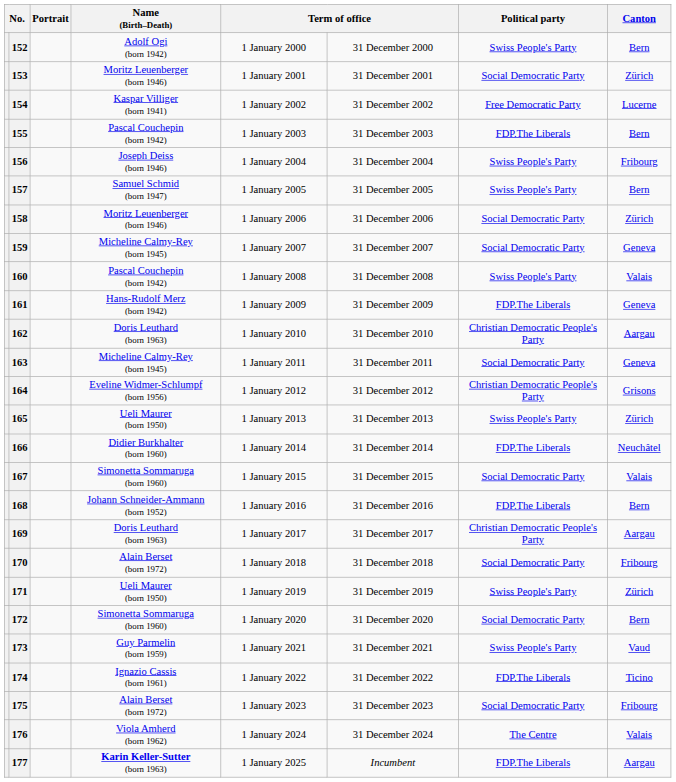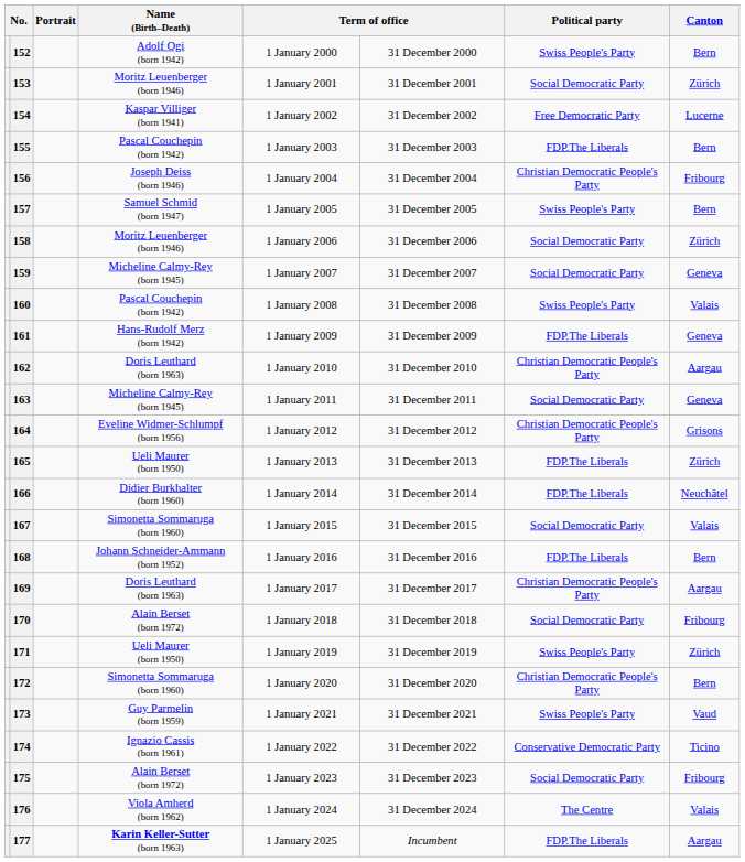 <table class="wikitable" style="width:80%; text-align:center;">
 <tr>
 <th colspan="2" width=20>No.</th>
 <th width=70>Portrait</th>
 <th width=25%>Name<br><small>(Birth–Death)</small></th>
 <th colspan="2" width=40%>Term of office</th>
 <th width=25%>Political party</th>
 <th width=15%><a href='#'>Canton</a></th>
 </tr>
 <tr>
 <th style="background:"></th>
 <th>152</th>
 <td></td>
 <td><a href='#'>Adolf Ogi</a><br><small>(born 1942)</small></td>
 <td>1 January 2000</td>
 <td>31 December 2000</td>
 <td><a href='#'>Swiss People's Party</a></td>
 <td><a href='#'>Bern</a></td>
 </tr>
 <tr>
 <th style="background:"></th>
 <th>153</th>
 <td></td>
 <td><a href='#'>Moritz Leuenberger</a><br><small>(born 1946)</small></td>
 <td>1 January 2001</td>
 <td>31 December 2001</td>
 <td><a href='#'>Social Democratic Party</a></td>
 <td><a href='#'>Zürich</a></td>
 </tr>
 <tr>
 <th style="background:"></th>
 <th>154</th>
 <td></td>
 <td><a href='#'>Kaspar Villiger</a><br><small>(born 1941)</small></td>
 <td>1 January 2002</td>
 <td>31 December 2002</td>
 <td><a href='#'>Free Democratic Party</a></td>
 <td><a href='#'>Lucerne</a></td>
 </tr>
 <tr>
 <th style="background:"></th>
 <th>155</th>
 <td></td>
 <td><a href='#'>Pascal Couchepin</a><br><small>(born 1942)</small></td>
 <td>1 January 2003</td>
 <td>31 December 2003</td>
 <td><a href='#'>FDP.The Liberals</a></td>
 <td><a href='#'>Bern</a></td>
 </tr>
 <tr>
 <th style="background:"></th>
 <th>156</th>
 <td></td>
 <td><a href='#'>Joseph Deiss</a><br><small>(born 1946)</small></td>
 <td>1 January 2004</td>
 <td>31 December 2004</td>
-<td><a href='#'>Swiss People's Party</a></td>
+<td><a href='#'>Christian Democratic People's Party</a></td>
 <td><a href='#'>Fribourg</a></td>
 </tr>
 <tr>
 <th style="background:"></th>
 <th>157</th>
 <td></td>
 <td><a href='#'>Samuel Schmid</a><br><small>(born 1947)</small></td>
 <td>1 January 2005</td>
 <td>31 December 2005</td>
 <td><a href='#'>Swiss People's Party</a></td>
 <td><a href='#'>Bern</a></td>
 </tr>
 <tr>
 <th style="background:"></th>
 <th>158</th>
 <td></td>
 <td><a href='#'>Moritz Leuenberger</a><br><small>(born 1946)</small></td>
 <td>1 January 2006</td>
 <td>31 December 2006</td>
 <td><a href='#'>Social Democratic Party</a></td>
 <td><a href='#'>Zürich</a></td>
 </tr>
 <tr>
 <th style="background:"></th>
 <th>159</th>
 <td></td>
 <td><a href='#'>Micheline Calmy-Rey</a><br><small>(born 1945)</small></td>
 <td>1 January 2007</td>
 <td>31 December 2007</td>
 <td><a href='#'>Social Democratic Party</a></td>
 <td><a href='#'>Geneva</a></td>
 </tr>
 <tr>
 <th style="background:"></th>
 <th>160</th>
 <td></td>
 <td><a href='#'>Pascal Couchepin</a><br><small>(born 1942)</small></td>
 <td>1 January 2008</td>
 <td>31 December 2008</td>
 <td><a href='#'>Swiss People's Party</a></td>
 <td><a href='#'>Valais</a></td>
 </tr>
 <tr>
 <th style="background:"></th>
 <th>161</th>
 <td></td>
 <td><a href='#'>Hans-Rudolf Merz</a><br><small>(born 1942)</small></td>
 <td>1 January 2009</td>
 <td>31 December 2009</td>
 <td><a href='#'>FDP.The Liberals</a></td>
 <td><a href='#'>Geneva</a></td>
 </tr>
 <tr>
 <th style="background:"></th>
 <th>162</th>
 <td></td>
 <td><a href='#'>Doris Leuthard</a><br><small>(born 1963)</small></td>
 <td>1 January 2010</td>
 <td>31 December 2010</td>
 <td><a href='#'>Christian Democratic People's Party</a></td>
 <td><a href='#'>Aargau</a></td>
 </tr>
 <tr>
 <th style="background:"></th>
 <th>163</th>
 <td></td>
 <td><a href='#'>Micheline Calmy-Rey</a><br><small>(born 1945)</small></td>
 <td>1 January 2011</td>
 <td>31 December 2011</td>
 <td><a href='#'>Social Democratic Party</a></td>
 <td><a href='#'>Geneva</a></td>
 </tr>
 <tr>
 <th style="background:"></th>
 <th>164</th>
 <td></td>
 <td><a href='#'>Eveline Widmer-Schlumpf</a><br><small>(born 1956)</small></td>
 <td>1 January 2012</td>
 <td>31 December 2012</td>
 <td><a href='#'>Christian Democratic People's Party</a></td>
 <td><a href='#'>Grisons</a></td>
 </tr>
 <tr>
 <th style="background:"></th>
 <th>165</th>
 <td></td>
 <td><a href='#'>Ueli Maurer</a><br><small>(born 1950)</small></td>
 <td>1 January 2013</td>
 <td>31 December 2013</td>
-<td><a href='#'>Swiss People's Party</a></td>
+<td><a href='#'>FDP.The Liberals</a></td>
 <td><a href='#'>Zürich</a></td>
 </tr>
 <tr>
 <th style="background:"></th>
 <th>166</th>
 <td></td>
 <td><a href='#'>Didier Burkhalter</a><br><small>(born 1960)</small></td>
 <td>1 January 2014</td>
 <td>31 December 2014</td>
 <td><a href='#'>FDP.The Liberals</a></td>
 <td><a href='#'>Neuchâtel</a></td>
 </tr>
 <tr>
 <th style="background:"></th>
 <th>167</th>
 <td></td>
 <td><a href='#'>Simonetta Sommaruga</a><br><small>(born 1960)</small></td>
 <td>1 January 2015</td>
 <td>31 December 2015</td>
 <td><a href='#'>Social Democratic Party</a></td>
 <td><a href='#'>Valais</a></td>
 </tr>
 <tr>
 <th style="background:"></th>
 <th>168</th>
 <td></td>
 <td><a href='#'>Johann Schneider-Ammann</a><br><small>(born 1952)</small></td>
 <td>1 January 2016</td>
 <td>31 December 2016</td>
 <td><a href='#'>FDP.The Liberals</a></td>
 <td><a href='#'>Bern</a></td>
 </tr>
 <tr>
 <th style="background:"></th>
 <th>169</th>
 <td></td>
 <td><a href='#'>Doris Leuthard</a><br><small>(born 1963)</small></td>
 <td>1 January 2017</td>
 <td>31 December 2017</td>
 <td><a href='#'>Christian Democratic People's Party</a></td>
 <td><a href='#'>Aargau</a></td>
 </tr>
 <tr>
 <th style="background:"></th>
 <th>170</th>
 <td></td>
 <td><a href='#'>Alain Berset</a><br><small>(born 1972)</small></td>
 <td>1 January 2018</td>
 <td>31 December 2018</td>
 <td><a href='#'>Social Democratic Party</a></td>
 <td><a href='#'>Fribourg</a></td>
 </tr>
 <tr>
 <th style="background:"></th>
 <th>171</th>
 <td></td>
 <td><a href='#'>Ueli Maurer</a><br><small>(born 1950)</small></td>
 <td>1 January 2019</td>
 <td>31 December 2019</td>
 <td><a href='#'>Swiss People's Party</a></td>
 <td><a href='#'>Zürich</a></td>
 </tr>
 <tr>
 <th style="background:"></th>
 <th>172</th>
 <td></td>
 <td><a href='#'>Simonetta Sommaruga</a><br><small>(born 1960)</small></td>
 <td>1 January 2020</td>
 <td>31 December 2020</td>
-<td><a href='#'>Social Democratic Party</a></td>
+<td><a href='#'>Christian Democratic People's Party</a></td>
 <td><a href='#'>Bern</a></td>
 </tr>
 <tr>
 <th style="background:"></th>
 <th>173</th>
 <td></td>
 <td><a href='#'>Guy Parmelin</a><br><small>(born 1959)</small></td>
 <td>1 January 2021</td>
 <td>31 December 2021</td>
 <td><a href='#'>Swiss People's Party</a></td>
 <td><a href='#'>Vaud</a></td>
 </tr>
 <tr>
 <th style="background:"></th>
 <th>174</th>
 <td></td>
 <td><a href='#'>Ignazio Cassis</a><br><small>(born 1961)</small></td>
 <td>1 January 2022</td>
 <td>31 December 2022</td>
-<td><a href='#'>FDP.The Liberals</a></td>
+<td><a href='#'>Conservative Democratic Party</a></td>
 <td><a href='#'>Ticino</a></td>
 </tr>
 <tr>
 <th style="background:"></th>
 <th>175</th>
 <td></td>
 <td><a href='#'>Alain Berset</a><br><small>(born 1972)</small></td>
 <td>1 January 2023</td>
 <td>31 December 2023</td>
 <td><a href='#'>Social Democratic Party</a></td>
 <td><a href='#'>Fribourg</a></td>
 </tr>
 <tr>
 <th style="background:"></th>
 <th>176</th>
 <td></td>
 <td><a href='#'>Viola Amherd</a><br><small>(born 1962)</small></td>
 <td>1 January 2024</td>
 <td>31 December 2024</td>
 <td><a href='#'>The Centre</a></td>
 <td><a href='#'>Valais</a></td>
 </tr>
 <tr>
 <th style="background:"></th>
 <th>177</th>
 <td></td>
 <td><strong><a href='#'>Karin Keller-Sutter</a></strong><br><small>(born 1963)</small></td>
 <td>1 January 2025</td>
 <td><em>Incumbent</em></td>
 <td><a href='#'>FDP.The Liberals</a></td>
 <td><a href='#'>Aargau</a></td>
 </tr>
 </table>
